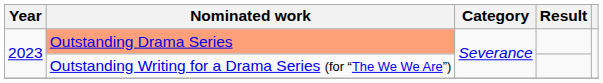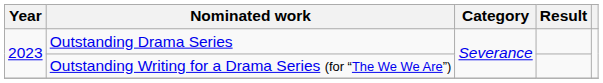 <table class="wikitable">
 <tr>
 <th scope="col" style="width:1em;">Year</th>
 <th scope="col">Nominated work</th>
 <th scope="col">Category</th>
 <th scope="col">Result</th>
 <th scope="col"></th>
 </tr>
 <tr>
 <td style="text-align:center;", rowspan="2"><a href='#'>2023</a></td>
-<td style="background: lightsalmon;"><a href='#'>Outstanding Drama Series</a></td>
+<td><a href='#'>Outstanding Drama Series</a></td>
 <td style="text-align:center;", rowspan="2"><a href='#'> <em>Severance</em></a></td>
 <td></td>
 <td style="text-align:center;", rowspan="2"></td>
 </tr>
 <tr>
 <td><a href='#'>Outstanding Writing for a Drama Series</a> <small>(for “<a href='#'>The We We Are</a>”)</small></td>
 <td></td>
 </tr>
 <tr>
 </tr>
 </table>
